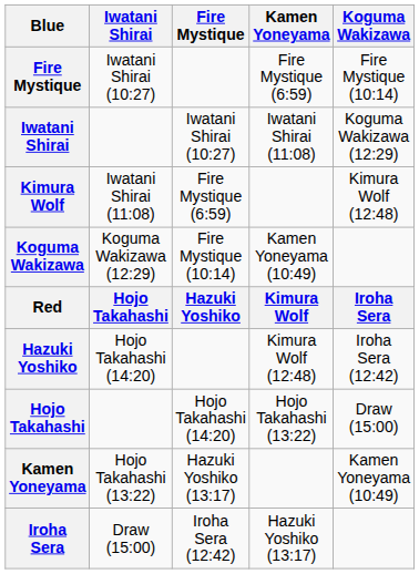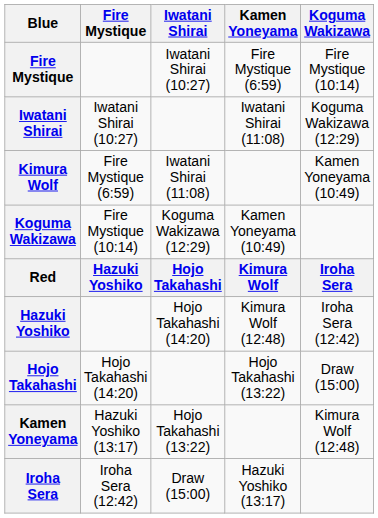 <table class="wikitable" style="text-align:center; margin: 1em auto 1em auto;" width="25%">
 <tr>
 <th>Blue</th>
+<th><a href='#'>Fire</a><br>Mystique</th>
 <th><a href='#'>Iwatani</a><br><a href='#'>Shirai</a></th>
-<th><a href='#'>Fire</a><br>Mystique</th>
 <th>Kamen<br><a href='#'>Yoneyama</a></th>
 <th><a href='#'>Koguma</a><br><a href='#'>Wakizawa</a></th>
 </tr>
 <tr>
 <th><a href='#'>Fire</a><br>Mystique</th>
+<td></td>
 <td>Iwatani<br>Shirai<br>(10:27)</td>
-<td></td>
 <td>Fire<br>Mystique<br>(6:59)</td>
 <td>Fire<br>Mystique<br>(10:14)</td>
 </tr>
 <tr>
 <th><a href='#'>Iwatani</a><br><a href='#'>Shirai</a></th>
+<td>Iwatani<br>Shirai<br>(10:27)</td>
 <td></td>
-<td>Iwatani<br>Shirai<br>(10:27)</td>
 <td>Iwatani<br>Shirai<br>(11:08)</td>
 <td>Koguma<br>Wakizawa<br>(12:29)</td>
 </tr>
 <tr>
 <th><a href='#'>Kimura</a><br><a href='#'>Wolf</a></th>
+<td>Fire<br>Mystique<br>(6:59)</td>
 <td>Iwatani<br>Shirai<br>(11:08)</td>
-<td>Fire<br>Mystique<br>(6:59)</td>
 <td></td>
-<td>Kimura<br>Wolf<br>(12:48)</td>
+<td>Kamen<br>Yoneyama<br>(10:49)</td>
 </tr>
 <tr>
 <th><a href='#'>Koguma</a><br><a href='#'>Wakizawa</a></th>
+<td>Fire<br>Mystique<br>(10:14)</td>
 <td>Koguma<br>Wakizawa<br>(12:29)</td>
-<td>Fire<br>Mystique<br>(10:14)</td>
 <td>Kamen<br>Yoneyama<br>(10:49)</td>
 <td></td>
 </tr>
 <tr>
 <th>Red</th>
+<th><a href='#'>Hazuki</a><br><a href='#'>Yoshiko</a></th>
 <th><a href='#'>Hojo</a><br><a href='#'>Takahashi</a></th>
-<th><a href='#'>Hazuki</a><br><a href='#'>Yoshiko</a></th>
 <th><a href='#'>Kimura</a><br><a href='#'>Wolf</a></th>
 <th><a href='#'>Iroha</a><br><a href='#'>Sera</a></th>
 </tr>
 <tr>
 <th><a href='#'>Hazuki</a><br><a href='#'>Yoshiko</a></th>
+<td></td>
 <td>Hojo<br>Takahashi<br>(14:20)</td>
-<td></td>
 <td>Kimura<br>Wolf<br>(12:48)</td>
 <td>Iroha<br>Sera<br>(12:42)</td>
 </tr>
 <tr>
 <th><a href='#'>Hojo</a><br><a href='#'>Takahashi</a></th>
+<td>Hojo<br>Takahashi<br>(14:20)</td>
 <td></td>
-<td>Hojo<br>Takahashi<br>(14:20)</td>
 <td>Hojo<br>Takahashi<br>(13:22)</td>
 <td>Draw<br>(15:00)</td>
 </tr>
 <tr>
 <th>Kamen<br><a href='#'>Yoneyama</a></th>
+<td>Hazuki<br>Yoshiko<br>(13:17)</td>
 <td>Hojo<br>Takahashi<br>(13:22)</td>
-<td>Hazuki<br>Yoshiko<br>(13:17)</td>
 <td></td>
-<td>Kamen<br>Yoneyama<br>(10:49)</td>
+<td>Kimura<br>Wolf<br>(12:48)</td>
 </tr>
 <tr>
 <th><a href='#'>Iroha</a><br><a href='#'>Sera</a></th>
+<td>Iroha<br>Sera<br>(12:42)</td>
 <td>Draw<br>(15:00)</td>
-<td>Iroha<br>Sera<br>(12:42)</td>
 <td>Hazuki<br>Yoshiko<br>(13:17)</td>
 <td></td>
 </tr>
 </table>
